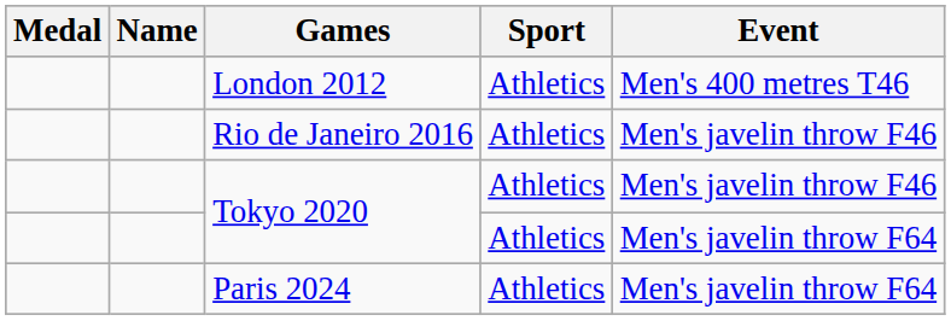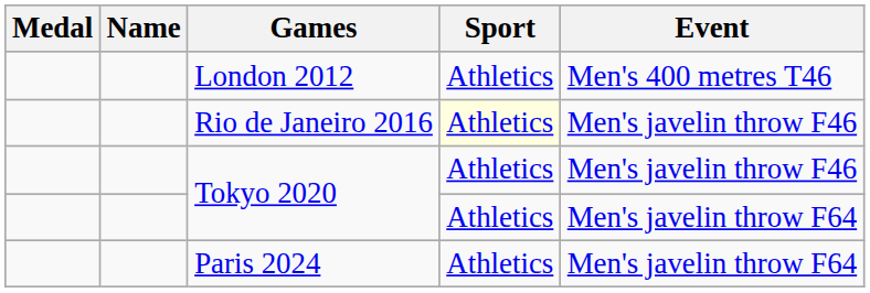 <table class="wikitable sortable">
 <tr>
 <th>Medal</th>
 <th>Name</th>
 <th>Games</th>
 <th>Sport</th>
 <th>Event</th>
 </tr>
 <tr>
 <td></td>
 <td></td>
 <td> <a href='#'>London 2012</a></td>
 <td> <a href='#'>Athletics</a></td>
 <td><a href='#'>Men's 400 metres T46</a></td>
 </tr>
 <tr>
 <td></td>
 <td></td>
 <td> <a href='#'>Rio de Janeiro 2016</a></td>
-<td> <a href='#'>Athletics</a></td>
+<td style="background: lightyellow;"> <a href='#'>Athletics</a></td>
 <td><a href='#'>Men's javelin throw F46</a></td>
 </tr>
 <tr>
 <td></td>
 <td></td>
 <td rowspan=2> <a href='#'>Tokyo 2020</a></td>
 <td> <a href='#'>Athletics</a></td>
 <td><a href='#'>Men's javelin throw F46</a></td>
 </tr>
 <tr>
 <td></td>
 <td></td>
 <td> <a href='#'>Athletics</a></td>
 <td><a href='#'>Men's javelin throw F64</a></td>
 </tr>
 <tr>
 <td></td>
 <td></td>
 <td rowspan=2> <a href='#'>Paris 2024</a></td>
 <td> <a href='#'>Athletics</a></td>
 <td><a href='#'>Men's javelin throw F64</a></td>
 </tr>
 </table>
